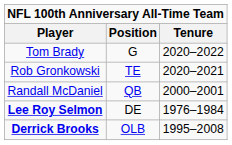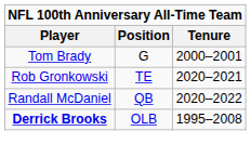 <table class="wikitable" style="text-align:center">
 <tr>
 <td colspan="3"><strong>NFL 100th Anniversary All-Time Team</strong></td>
 </tr>
 <tr>
 <th>Player</th>
 <th>Position</th>
 <th>Tenure</th>
 </tr>
 <tr>
 <td><a href='#'>Tom Brady</a></td>
 <td>G</td>
-<td>2020–2022</td>
+<td>2000–2001</td>
 </tr>
 <tr>
 <td><a href='#'>Rob Gronkowski</a></td>
 <td><a href='#'>TE</a></td>
 <td>2020–2021</td>
 </tr>
 <tr>
 <td><a href='#'>Randall McDaniel</a></td>
 <td><a href='#'>QB</a></td>
-<td>2000–2001</td>
-</tr>
-<tr>
-<td><strong><a href='#'>Lee Roy Selmon</a></strong></td>
-<td>DE</td>
-<td>1976–1984</td>
+<td>2020–2022</td>
 </tr>
 <tr>
 <td><strong><a href='#'>Derrick Brooks</a></strong></td>
 <td><a href='#'>OLB</a></td>
 <td>1995–2008</td>
 </tr>
 </table>
